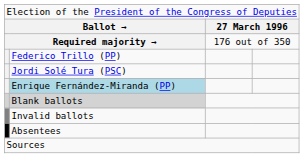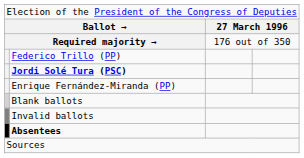 <table class="wikitable" style="text-align:center;">
 <tr>
 <td colspan="6" align="center">Election of the <a href='#'>President of the Congress of Deputies</a></td>
 </tr>
 <tr>
 <th colspan="2" width="225px">Ballot →</th>
 <th colspan="2">27 March 1996</th>
 </tr>
 <tr>
 <th colspan="2">Required majority →</th>
 <td colspan="2">176 out of 350</td>
 </tr>
 <tr>
 <th width="1px" style="background:"></th>
 <td align="left"><a href='#'>Federico Trillo</a> (<a href='#'>PP</a>)</td>
 <td></td>
 <td></td>
 </tr>
 <tr>
 <th style="background:"></th>
-<td align="left"><a href='#'>Jordi Solé Tura</a> (<a href='#'>PSC</a>)</td>
+<td align="left"><strong><a href='#'>Jordi Solé Tura</a> (<a href='#'>PSC</a>)</strong></td>
 <td></td>
 <td></td>
 </tr>
 <tr>
 <th style="background:"></th>
-<td align="left" style="background: lightblue;">Enrique Fernández-Miranda (<a href='#'>PP</a>)</td>
+<td align="left">Enrique Fernández-Miranda (<a href='#'>PP</a>)</td>
 <td></td>
 <td></td>
 </tr>
 <tr>
 <th style="background:lightgray;"></th>
-<td align="left" style="background: lightgrey;">Blank ballots</td>
+<td align="left">Blank ballots</td>
 <td colspan="2"></td>
 </tr>
 <tr>
 <th style="background:gray;"></th>
 <td align="left">Invalid ballots</td>
 <td colspan="2"></td>
 </tr>
 <tr>
 <th style="background:black;"></th>
-<td align="left">Absentees</td>
+<td align="left"><strong>Absentees</strong></td>
 <td colspan="2"></td>
 </tr>
 <tr>
 <td align="left" colspan="4">Sources</td>
 </tr>
 </table>
